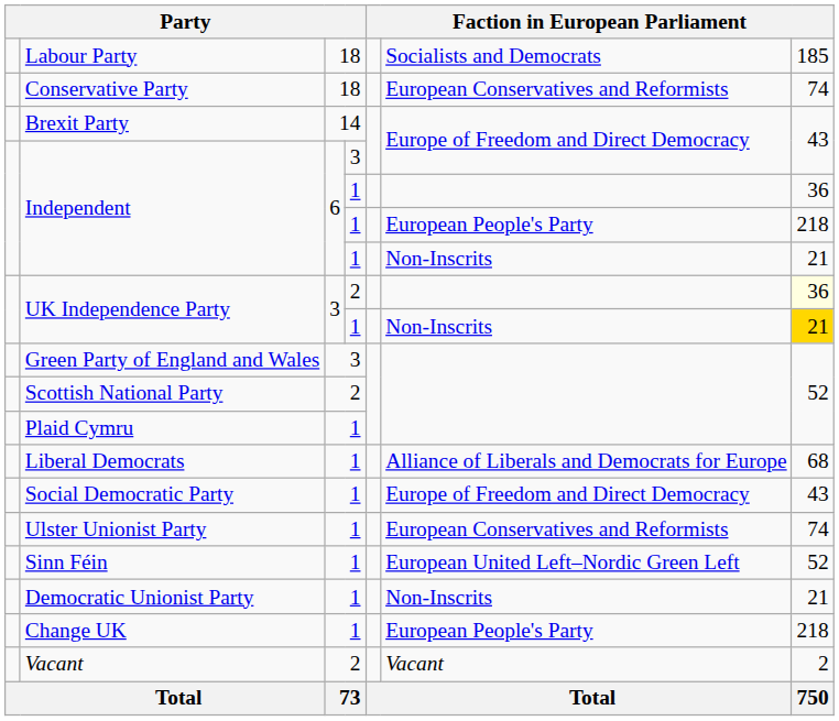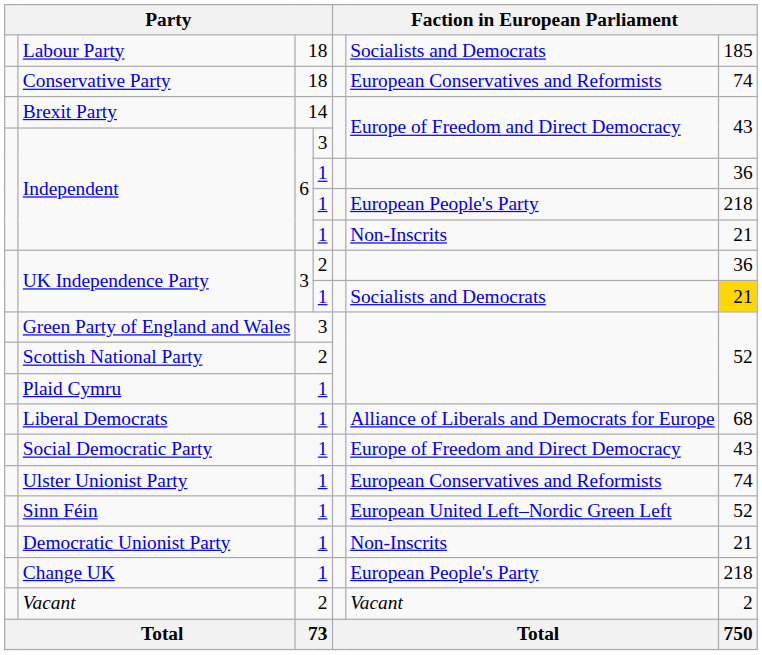 <table class="wikitable sortable">
 <tr>
 <th colspan="4">Party</th>
 <th colspan="3">Faction in European Parliament</th>
 </tr>
 <tr>
 <td width=1px style="color:inherit;background-color: "></td>
 <td><a href='#'>Labour Party</a></td>
 <td style="text-align: right;" colspan="2">18</td>
 <td width=1px> </td>
 <td><a href='#'>Socialists and Democrats</a></td>
 <td style="text-align: right;">185</td>
 </tr>
 <tr>
 <td width=1px style="color:inherit;background-color: "></td>
 <td><a href='#'>Conservative Party</a></td>
 <td style="text-align: right;" colspan="2">18</td>
 <td width=1px></td>
 <td><a href='#'>European Conservatives and Reformists</a></td>
 <td style="text-align: right;">74</td>
 </tr>
 <tr>
 <td width=1px style="color:inherit;background-color: "></td>
 <td><a href='#'>Brexit Party</a></td>
 <td style="text-align: right;" colspan="2">14</td>
 <td rowspan="2" width="1px"></td>
 <td rowspan="2"><a href='#'>Europe of Freedom and Direct Democracy</a></td>
 <td rowspan="2" style="text-align: right;">43</td>
 </tr>
 <tr>
 <td rowspan="4" width=1px style="background-color: "></td>
 <td rowspan="4"><a href='#'>Independent</a></td>
 <td rowspan="4" style="text-align: right;">6</td>
 <td>3</td>
 </tr>
 <tr>
 <td><a href='#'>1</a></td>
 <td width=1px> </td>
 <td></td>
 <td style="text-align: right;">36</td>
 </tr>
 <tr>
 <td><a href='#'>1</a></td>
 <td width=1px style="color:inherit;background-color: "></td>
 <td><a href='#'>European People's Party</a></td>
 <td style="text-align: right;">218</td>
 </tr>
 <tr>
 <td><a href='#'>1</a></td>
 <td width=1px style="color:inherit;background-color: "></td>
 <td><a href='#'>Non-Inscrits</a></td>
 <td style="text-align: right;">21</td>
 </tr>
 <tr>
 <td rowspan="2" width=1px style="background-color: "></td>
 <td rowspan="2"><a href='#'>UK Independence Party</a></td>
 <td rowspan="2" style="text-align: right;">3</td>
 <td>2</td>
 <td width=1px> </td>
 <td></td>
-<td style="background: lightyellow; text-align: right;">36</td>
+<td style="text-align: right;">36</td>
 </tr>
 <tr>
 <td style="text-align: right;"><a href='#'>1</a></td>
 <td width=1px style="color:inherit;background-color: "></td>
-<td><a href='#'>Non-Inscrits</a></td>
+<td><a href='#'>Socialists and Democrats</a></td>
 <td style="background: gold; text-align: right;">21</td>
 </tr>
 <tr>
 <td width=1px style="color:inherit;background-color: "></td>
 <td><a href='#'>Green Party of England and Wales</a></td>
 <td colspan="2" style="text-align: right;">3</td>
 <td rowspan="3" width="1px" style="background-color: "></td>
 <td rowspan="3"></td>
 <td rowspan="3" style="text-align: right;">52</td>
 </tr>
 <tr>
 <td width=1px style="color:inherit;background-color: "></td>
 <td><a href='#'>Scottish National Party</a></td>
 <td colspan="2" style="text-align: right;">2</td>
 </tr>
 <tr>
 <td width=1px style="color:inherit;background-color: "></td>
 <td><a href='#'>Plaid Cymru</a></td>
 <td colspan="2" style="text-align: right;"><a href='#'>1</a></td>
 </tr>
 <tr>
 <td width=1px style="color:inherit;background-color: "></td>
 <td><a href='#'>Liberal Democrats</a></td>
 <td colspan="2" style="text-align: right;"><a href='#'>1</a></td>
 <td width=1px> </td>
 <td><a href='#'>Alliance of Liberals and Democrats for Europe</a></td>
 <td style="text-align: right;">68</td>
 </tr>
 <tr>
 <td width=1px style="color:inherit;background-color: "></td>
 <td><a href='#'>Social Democratic Party</a></td>
 <td colspan="2" style="text-align: right;"><a href='#'>1</a></td>
 <td width=1px></td>
 <td><a href='#'>Europe of Freedom and Direct Democracy</a></td>
 <td style="text-align: right;">43</td>
 </tr>
 <tr>
 <td width=1px style="color:inherit;background-color: "></td>
 <td><a href='#'>Ulster Unionist Party</a></td>
 <td colspan="2" style="text-align: right;"><a href='#'>1</a></td>
 <td width=1px></td>
 <td><a href='#'>European Conservatives and Reformists</a></td>
 <td style="text-align: right;">74</td>
 </tr>
 <tr>
 <td width=1px style="color:inherit;background-color: "></td>
 <td><a href='#'>Sinn Féin</a></td>
 <td colspan="2" style="text-align: right;"><a href='#'>1</a></td>
 <td width=1px> </td>
 <td><a href='#'>European United Left–Nordic Green Left</a></td>
 <td style="text-align: right;">52</td>
 </tr>
 <tr>
 <td width=1px style="color:inherit;background-color: "></td>
 <td><a href='#'>Democratic Unionist Party</a></td>
 <td colspan="2" style="text-align: right;"><a href='#'>1</a></td>
 <td width=1px style="color:inherit;background-color: "></td>
 <td><a href='#'>Non-Inscrits</a></td>
 <td style="text-align: right;">21</td>
 </tr>
 <tr>
 <td width=1px style="color:inherit;background-color: "></td>
 <td><a href='#'>Change UK</a></td>
 <td colspan="2" style="text-align: right;"><a href='#'>1</a></td>
 <td width=1px style="background-color: "> </td>
 <td><a href='#'>European People's Party</a></td>
 <td style="text-align: right;">218</td>
 </tr>
 <tr>
 <td> </td>
 <td><em>Vacant</em></td>
 <td colspan="2" style="text-align:right;">2</td>
 <td> </td>
 <td><em>Vacant</em></td>
 <td style="text-align:right;">2</td>
 </tr>
 <tr style="background-color:#f2f2f2;">
 <th colspan="2" style="padding-left:1.5em;">Total</th>
 <th colspan="2" style="text-align:right;">73</th>
 <th colspan="2" style="padding-left:1.5em;">Total</th>
 <th style="text-align:right;">750</th>
 </tr>
 </table>
